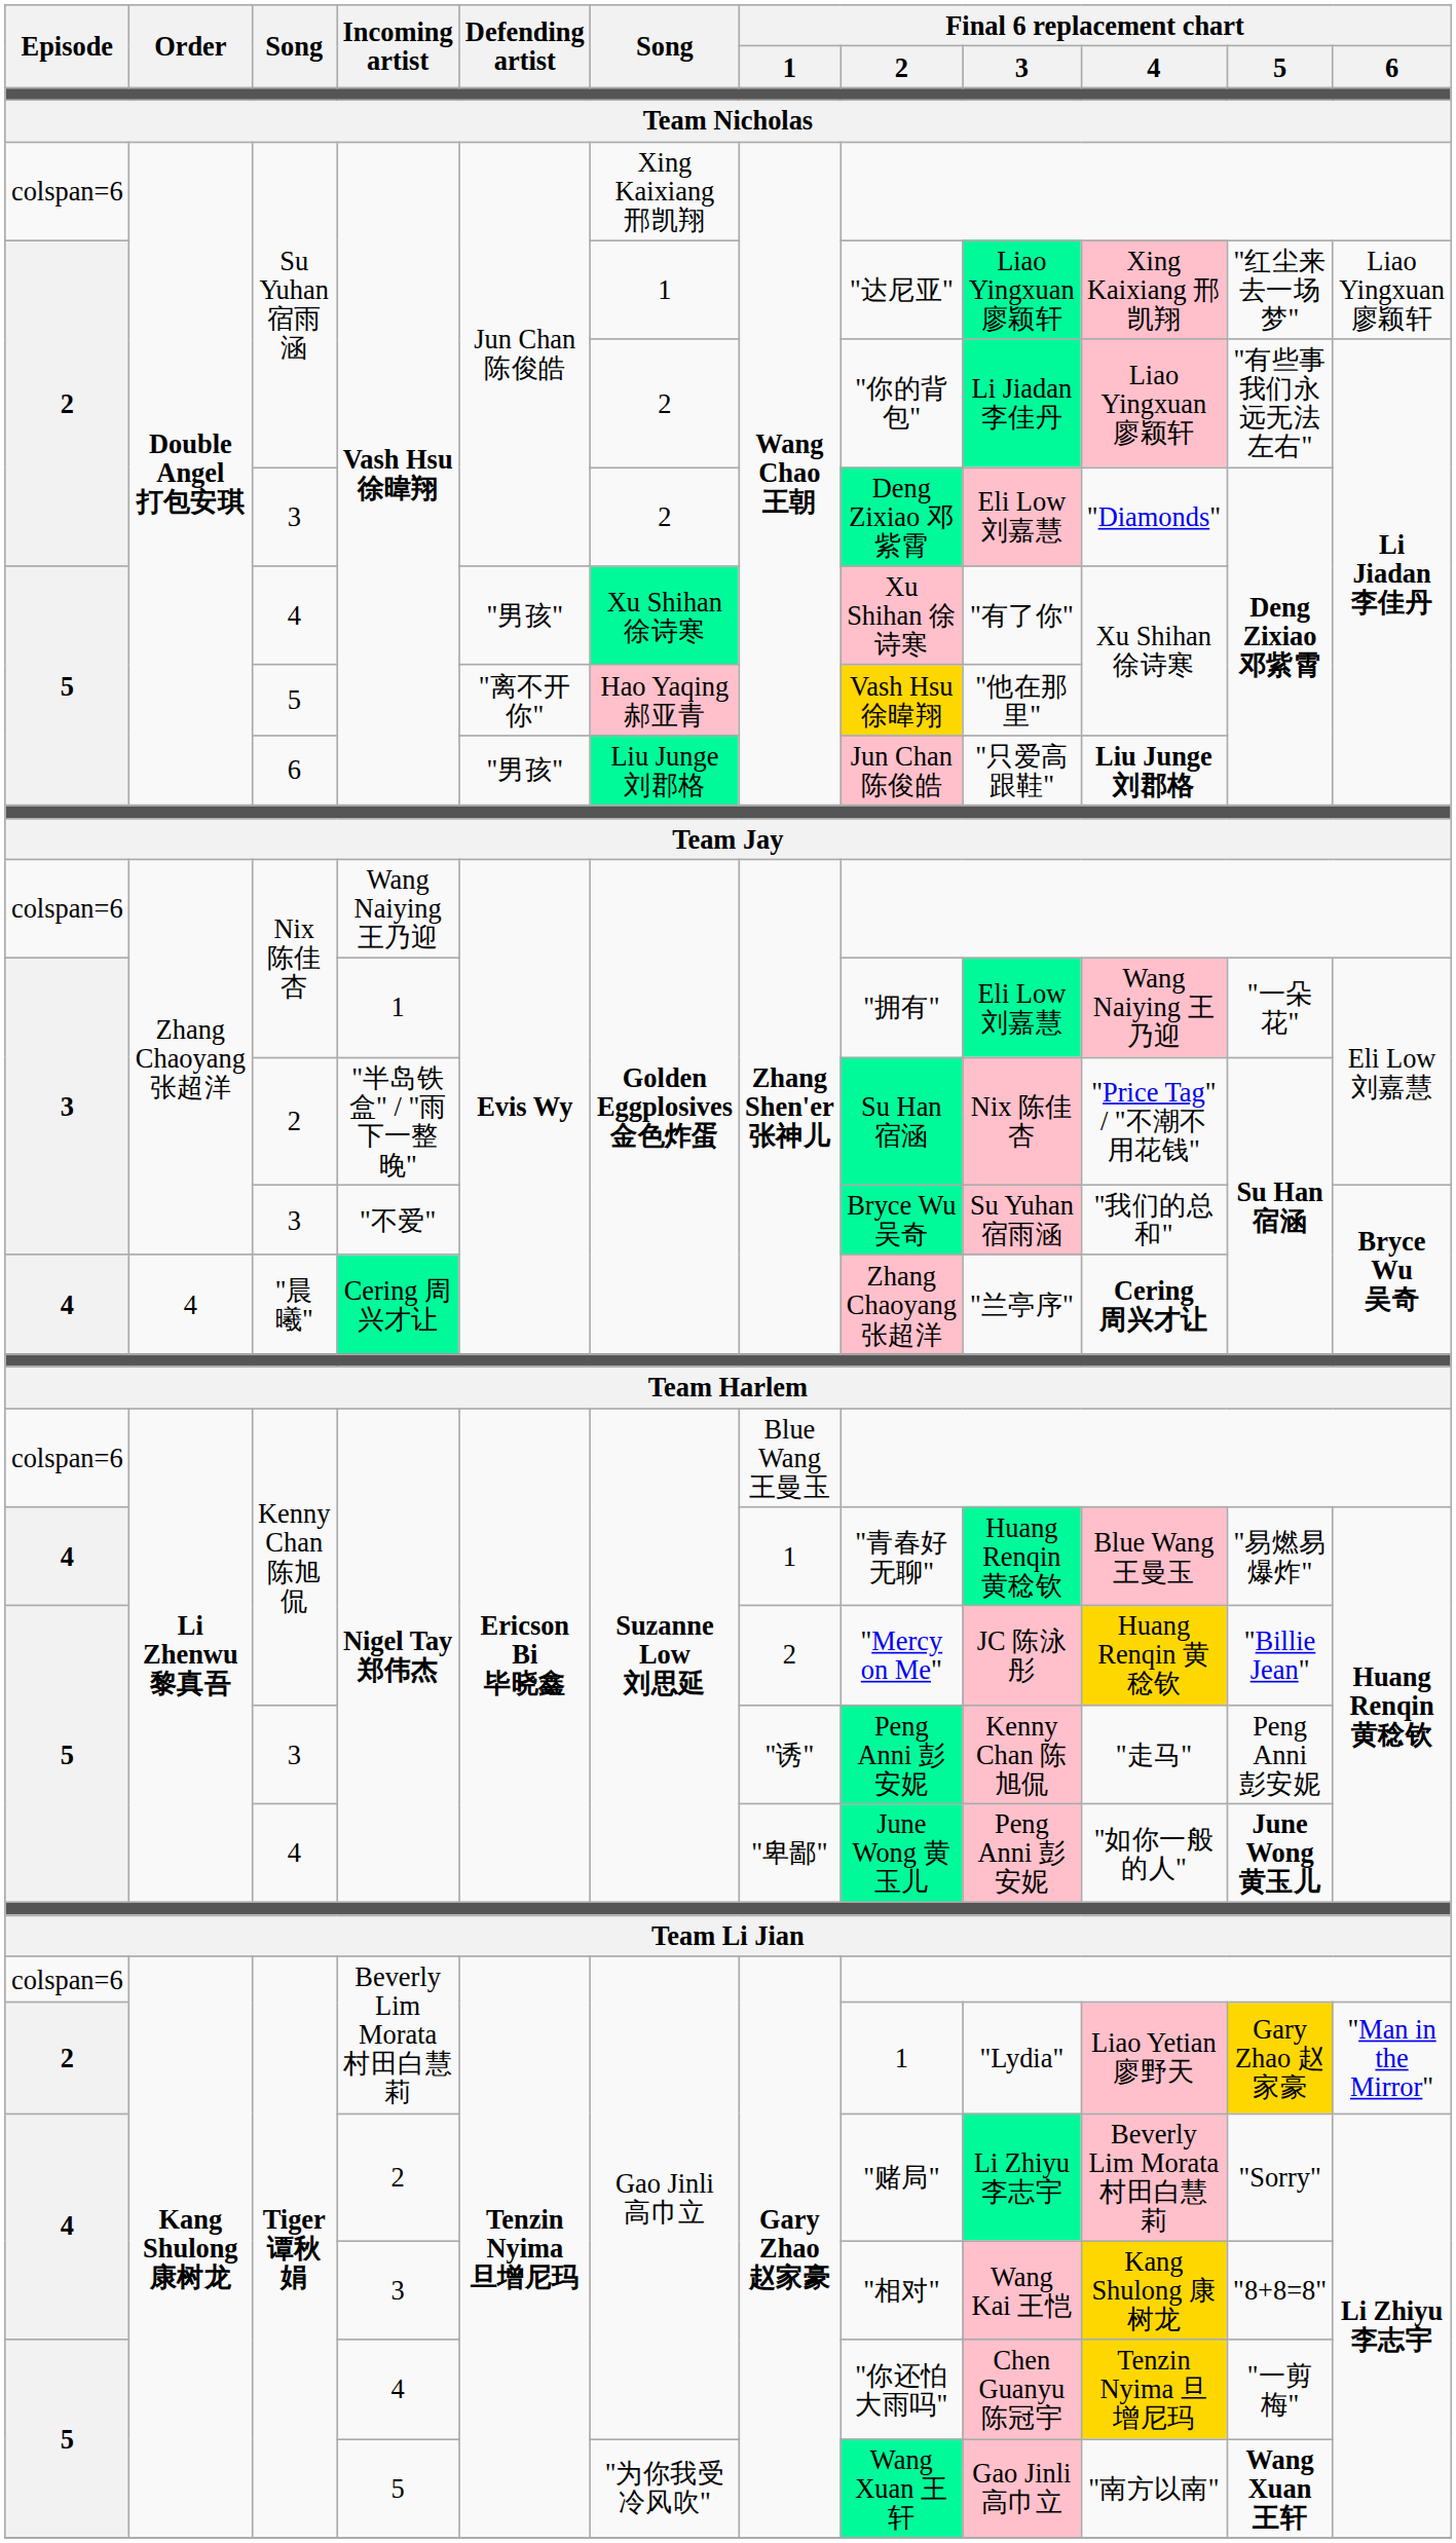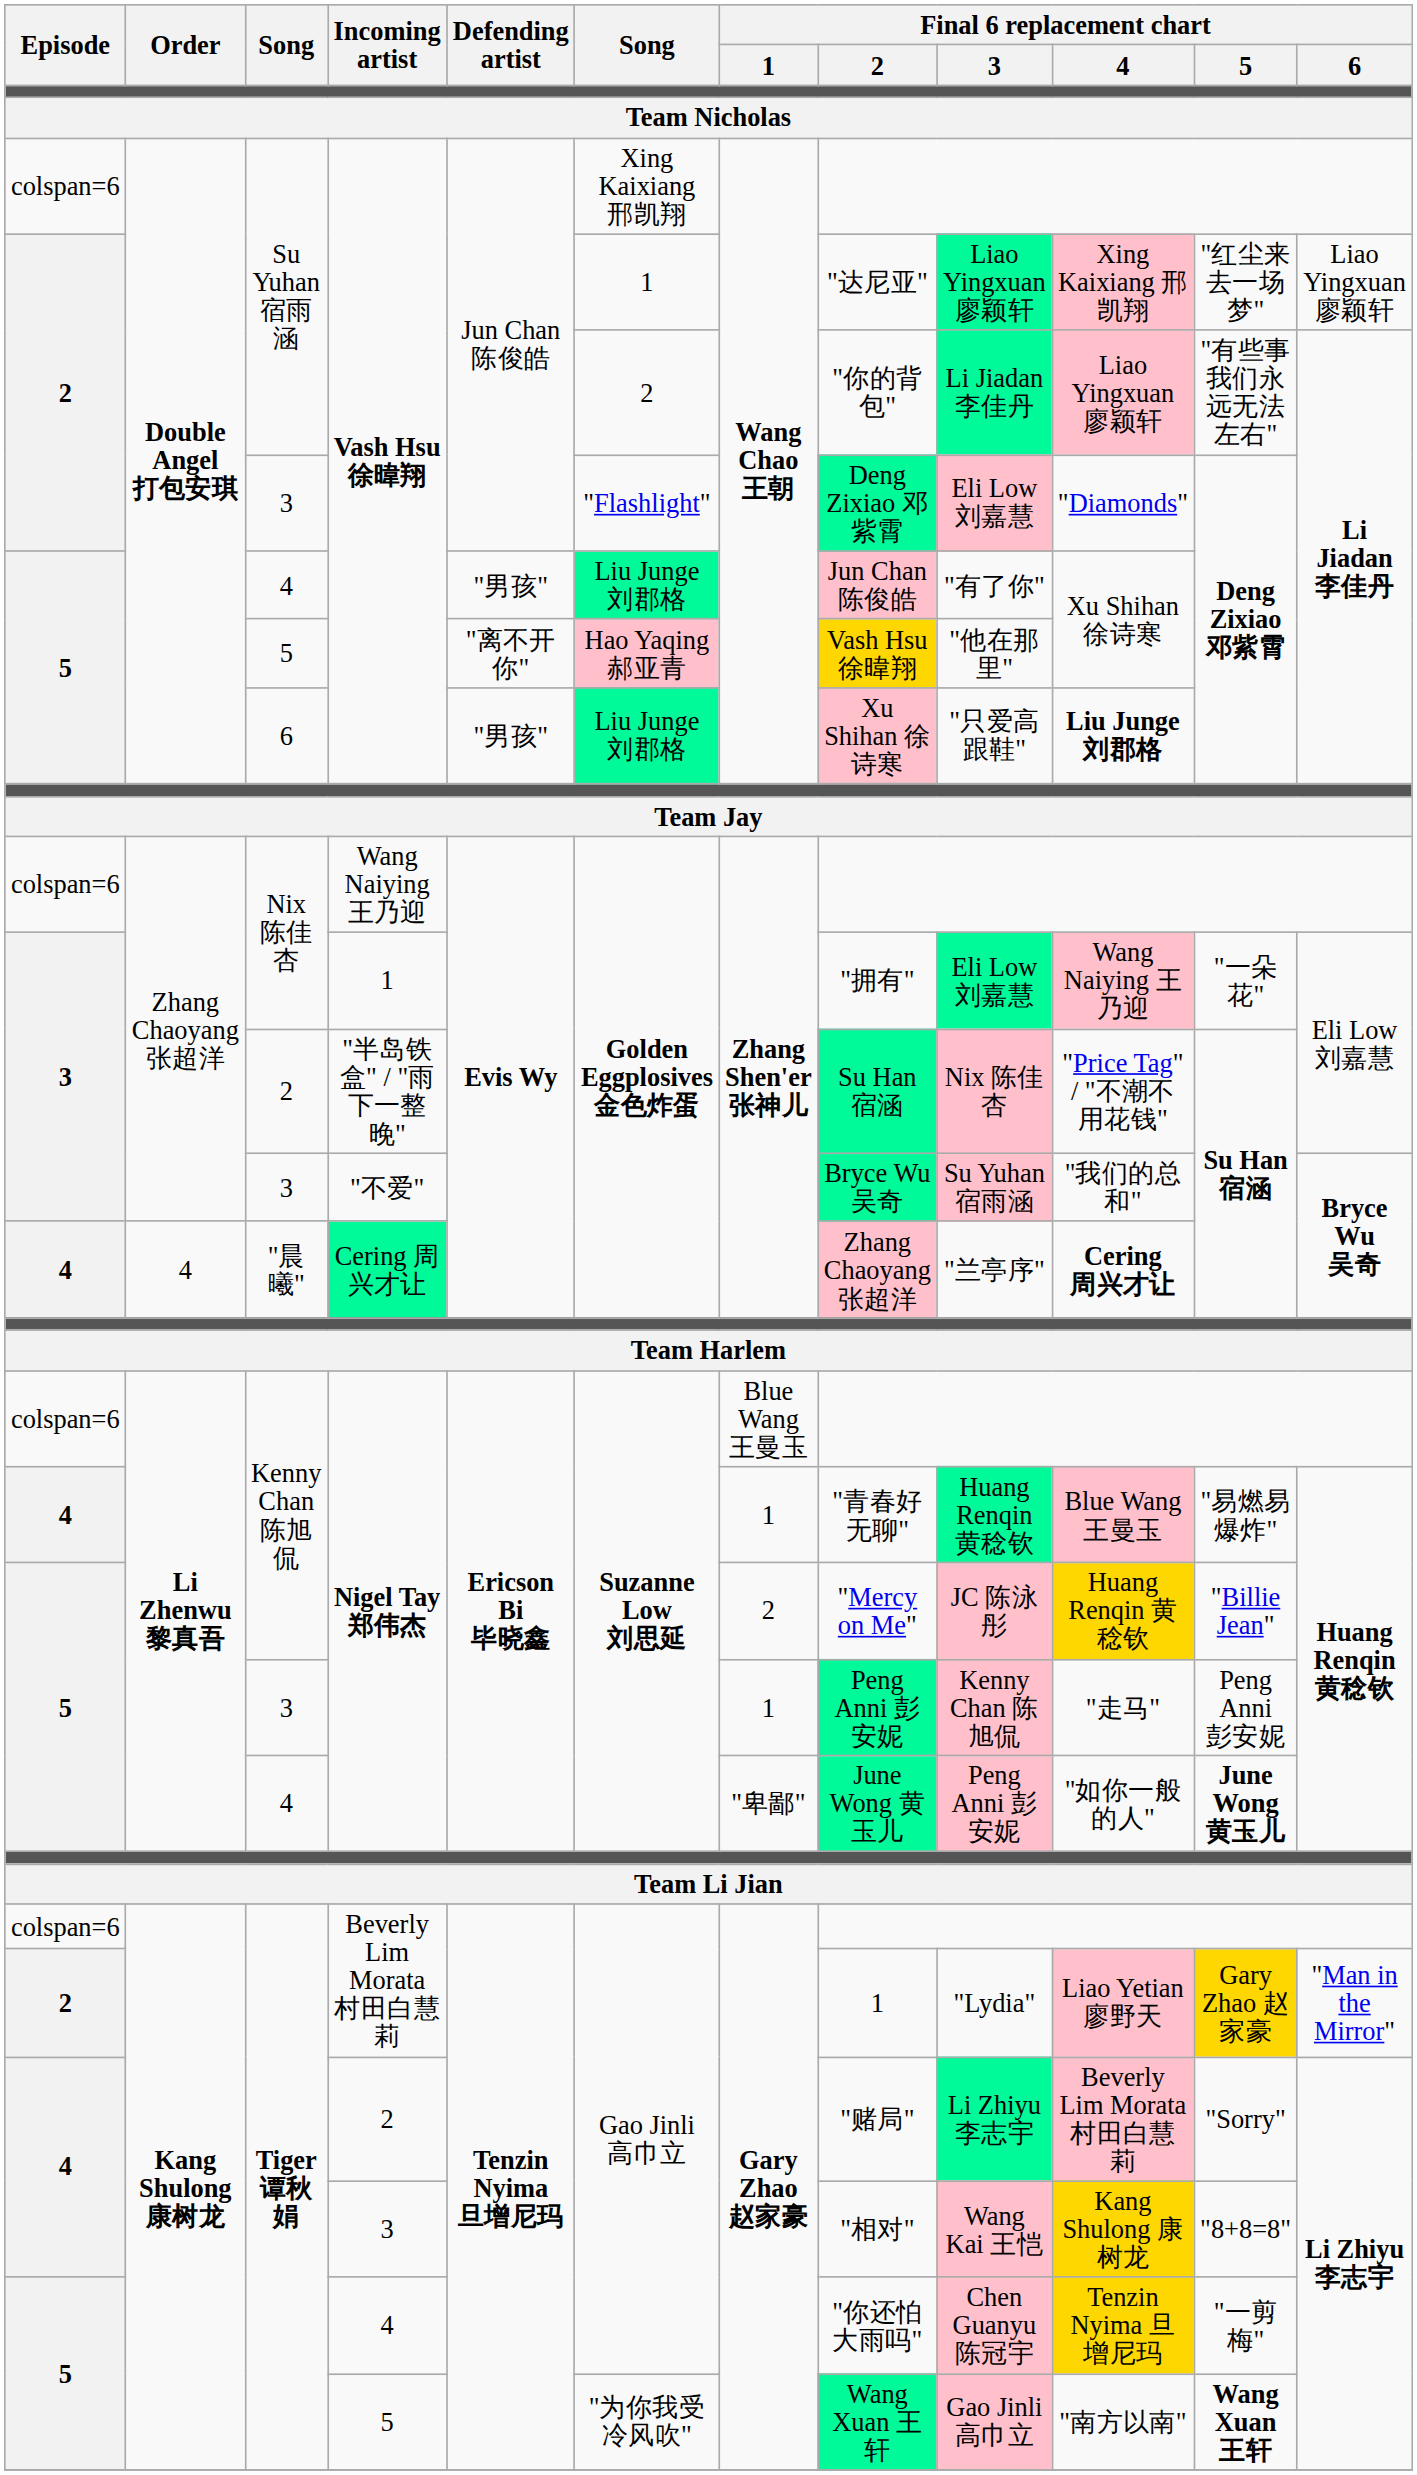 <table class="wikitable" style="text-align: center; line-height:17px; width:100%;">
 <tr>
 <th rowspan=2 style="width:4%;">Episode</th>
 <th rowspan=2 style="width:2%;">Order</th>
 <th rowspan=2 style="width:13%;">Song</th>
 <th rowspan=2 style="width:13%;">Incoming artist</th>
 <th rowspan=2 style="width:13%;">Defending artist</th>
 <th rowspan=2 style="width:13%;">Song</th>
 <th colspan=6>Final 6 replacement chart</th>
 </tr>
 <tr>
 <th style="width:7%;">1</th>
 <th style="width:7%;">2</th>
 <th style="width:7%;">3</th>
 <th style="width:7%;">4</th>
 <th style="width:7%;">5</th>
 <th style="width:7%;">6</th>
 </tr>
 <tr>
 <td colspan="12" style="background:#555;"></td>
 </tr>
 <tr>
 <th colspan=12>Team Nicholas</th>
 </tr>
 <tr>
 <td>colspan=6 </td>
 <td rowspan=7><strong>Double Angel<br>打包安琪</strong></td>
 <td rowspan=3>Su Yuhan<br>宿雨涵</td>
 <td rowspan=7><strong>Vash Hsu<br>徐暐翔</strong></td>
 <td rowspan=4>Jun Chan<br>陈俊皓</td>
 <td>Xing Kaixiang<br>邢凯翔</td>
 <td rowspan=7><strong>Wang Chao<br>王朝</strong></td>
 </tr>
 <tr>
 <th rowspan=3>2</th>
 <td>1</td>
 <td>"达尼亚"</td>
 <td style="background:#00fa9a;">Liao Yingxuan 廖颖轩</td>
 <td style="background:pink;">Xing Kaixiang 邢凯翔</td>
 <td>"红尘来去一场梦"</td>
 <td>Liao Yingxuan<br>廖颖轩</td>
 </tr>
 <tr>
 <td>2</td>
 <td>"你的背包"</td>
 <td style="background:#00fa9a;">Li Jiadan 李佳丹</td>
 <td style="background:pink;">Liao Yingxuan 廖颖轩</td>
 <td>"有些事我们永远无法左右"</td>
 <td rowspan=5><strong>Li Jiadan<br>李佳丹</strong></td>
 </tr>
 <tr>
 <td>3</td>
-<td>2</td>
+<td>"<a href='#'>Flashlight</a>"</td>
 <td style="background:#00fa9a;">Deng Zixiao 邓紫霄</td>
 <td style="background:pink;">Eli Low 刘嘉慧</td>
 <td>"<a href='#'>Diamonds</a>"</td>
 <td rowspan=4><strong>Deng Zixiao<br>邓紫霄</strong></td>
 </tr>
 <tr>
 <th rowspan=3>5</th>
 <td>4</td>
 <td>"男孩"</td>
-<td style="background:#00fa9a;">Xu Shihan 徐诗寒</td>
-<td style="background:pink;">Xu Shihan 徐诗寒</td>
+<td style="background:#00fa9a;">Liu Junge 刘郡格</td>
+<td style="background:pink;">Jun Chan 陈俊皓</td>
 <td>"有了你"</td>
 <td rowspan=2>Xu Shihan<br>徐诗寒</td>
 </tr>
 <tr>
 <td>5</td>
 <td>"离不开你"</td>
 <td style="background:pink;">Hao Yaqing 郝亚青</td>
 <td style="background:gold;">Vash Hsu 徐暐翔</td>
 <td>"他在那里"</td>
 </tr>
 <tr>
 <td>6</td>
 <td>"男孩"</td>
 <td style="background:#00fa9a;">Liu Junge 刘郡格</td>
-<td style="background:pink;">Jun Chan 陈俊皓</td>
+<td style="background:pink;">Xu Shihan 徐诗寒</td>
 <td>"只爱高跟鞋"</td>
 <td><strong>Liu Junge<br>刘郡格</strong></td>
 </tr>
 <tr>
 <td colspan="12" style="background:#555;"></td>
 </tr>
 <tr>
 <th colspan=12>Team Jay</th>
 </tr>
 <tr>
 <td>colspan=6 </td>
 <td rowspan=4>Zhang Chaoyang<br>张超洋</td>
 <td rowspan=2>Nix<br>陈佳杏</td>
 <td>Wang Naiying<br>王乃迎</td>
 <td rowspan=5><strong>Evis Wy</strong></td>
 <td rowspan=5><strong>Golden Eggplosives<br>金色炸蛋</strong></td>
 <td rowspan=5><strong>Zhang Shen'er<br>张神儿</strong></td>
 </tr>
 <tr>
 <th rowspan=3>3</th>
 <td>1</td>
 <td>"拥有"</td>
 <td style="background:#00fa9a;">Eli Low 刘嘉慧</td>
 <td style="background:pink;">Wang Naiying 王乃迎</td>
 <td>"一朵花"</td>
 <td rowspan=2>Eli Low<br>刘嘉慧</td>
 </tr>
 <tr>
 <td>2</td>
 <td>"半岛铁盒" / "雨下一整晚"</td>
 <td style="background:#00fa9a;">Su Han 宿涵</td>
 <td style="background:pink;">Nix 陈佳杏</td>
 <td>"<a href='#'>Price Tag</a>" / "不潮不用花钱"</td>
 <td rowspan=3><strong>Su Han<br>宿涵</strong></td>
 </tr>
 <tr>
 <td>3</td>
 <td>"不爱"</td>
 <td style="background:#00fa9a;">Bryce Wu 吴奇</td>
 <td style="background:pink;">Su Yuhan 宿雨涵</td>
 <td>"我们的总和"</td>
 <td rowspan=2><strong>Bryce Wu<br>吴奇</strong></td>
 </tr>
 <tr>
 <th>4</th>
 <td>4</td>
 <td>"晨曦"</td>
 <td style="background:#00fa9a;">Cering 周兴才让</td>
 <td style="background:pink;">Zhang Chaoyang 张超洋</td>
 <td>"兰亭序"</td>
 <td><strong>Cering<br>周兴才让</strong></td>
 </tr>
 <tr>
 <td colspan="12" style="background:#555;"></td>
 </tr>
 <tr>
 <th colspan=12>Team Harlem</th>
 </tr>
 <tr>
 <td>colspan=6 </td>
 <td rowspan=5><strong>Li Zhenwu<br>黎真吾</strong></td>
 <td rowspan=3>Kenny Chan<br>陈旭侃</td>
 <td rowspan=5><strong>Nigel Tay<br>郑伟杰</strong></td>
 <td rowspan=5><strong>Ericson Bi<br>毕晓鑫</strong></td>
 <td rowspan=5><strong>Suzanne Low<br>刘思延</strong></td>
 <td>Blue Wang<br>王曼玉</td>
 </tr>
 <tr>
 <th>4</th>
 <td>1</td>
 <td>"青春好无聊"</td>
 <td style="background:#00fa9a;">Huang Renqin 黄稔钦</td>
 <td style="background:pink;">Blue Wang 王曼玉</td>
 <td>"易燃易爆炸"</td>
 <td rowspan=4><strong>Huang Renqin<br>黄稔钦</strong></td>
 </tr>
 <tr>
 <th rowspan=3>5</th>
 <td>2</td>
 <td>"<a href='#'>Mercy on Me</a>"</td>
 <td style="background:pink;">JC 陈泳彤</td>
 <td style="background:gold;">Huang Renqin 黄稔钦</td>
 <td>"<a href='#'>Billie Jean</a>"</td>
 </tr>
 <tr>
 <td>3</td>
-<td>"诱"</td>
+<td>1</td>
 <td style="background:#00fa9a;">Peng Anni 彭安妮</td>
 <td style="background:pink;">Kenny Chan 陈旭侃</td>
 <td>"走马"</td>
 <td>Peng Anni<br>彭安妮</td>
 </tr>
 <tr>
 <td>4</td>
 <td>"卑鄙"</td>
 <td style="background:#00fa9a;">June Wong 黄玉儿</td>
 <td style="background:pink;">Peng Anni 彭安妮</td>
 <td>"如你一般的人"</td>
 <td><strong>June Wong<br>黄玉儿</strong></td>
 </tr>
 <tr>
 <td colspan="12" style="background:#555;"></td>
 </tr>
 <tr>
 <th colspan=12>Team Li Jian</th>
 </tr>
 <tr>
 <td>colspan=6 </td>
 <td rowspan=6><strong>Kang Shulong<br>康树龙</strong></td>
 <td rowspan=6><strong>Tiger<br>谭秋娟</strong></td>
 <td rowspan=2>Beverly Lim Morata<br>村田白慧莉</td>
 <td rowspan=6><strong>Tenzin Nyima<br>旦增尼玛</strong></td>
 <td rowspan=5>Gao Jinli<br>高巾立</td>
 <td rowspan=6><strong>Gary Zhao<br>赵家豪</strong></td>
 </tr>
 <tr>
 <th>2</th>
 <td>1</td>
 <td>"Lydia"</td>
 <td style="background:pink;">Liao Yetian 廖野天</td>
 <td style="background:gold;">Gary Zhao 赵家豪</td>
 <td>"<a href='#'>Man in the Mirror</a>"</td>
 </tr>
 <tr>
 <th rowspan=2>4</th>
 <td>2</td>
 <td>"赌局"</td>
 <td style="background:#00fa9a;">Li Zhiyu 李志宇</td>
 <td style="background:pink;">Beverly Lim Morata 村田白慧莉</td>
 <td>"Sorry"</td>
 <td rowspan=4><strong>Li Zhiyu<br>李志宇</strong></td>
 </tr>
 <tr>
 <td>3</td>
 <td>"相对"</td>
 <td style="background:pink;">Wang Kai 王恺</td>
 <td style="background:gold;">Kang Shulong 康树龙</td>
 <td>"8+8=8"</td>
 </tr>
 <tr>
 <th rowspan=2>5</th>
 <td>4</td>
 <td>"你还怕大雨吗"</td>
 <td style="background:pink;">Chen Guanyu 陈冠宇</td>
 <td style="background:gold;">Tenzin Nyima 旦增尼玛</td>
 <td>"一剪梅"</td>
 </tr>
 <tr>
 <td>5</td>
 <td>"为你我受冷风吹"</td>
 <td style="background:#00fa9a;">Wang Xuan 王轩</td>
 <td style="background:pink;">Gao Jinli 高巾立</td>
 <td>"南方以南"</td>
 <td><strong>Wang Xuan<br>王轩</strong></td>
 </tr>
 <tr>
 </tr>
 </table>
